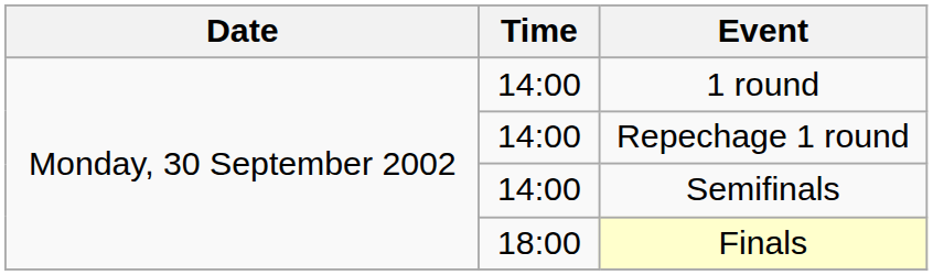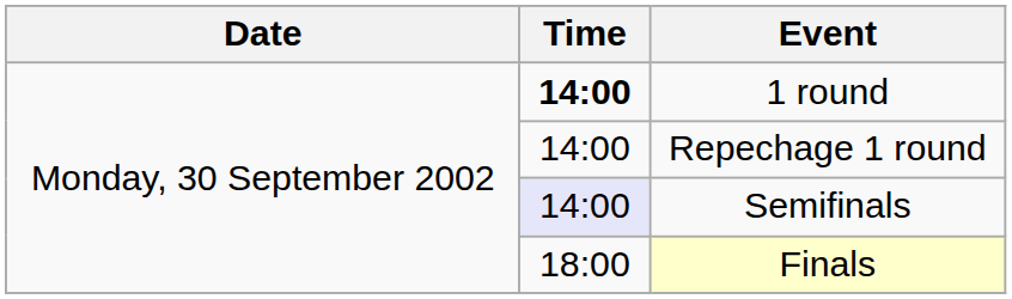 <table class = "wikitable" style="text-align:center;">
 <tr>
 <th width=220>Date</th>
 <th width=50>Time</th>
 <th width=150>Event</th>
 </tr>
 <tr>
 <td rowspan=4>Monday, 30 September 2002</td>
-<td>14:00</td>
+<td><strong>14:00</strong></td>
 <td>1 round</td>
 </tr>
 <tr>
 <td>14:00</td>
 <td>Repechage 1 round</td>
 </tr>
 <tr>
-<td>14:00</td>
+<td style="background: lavender;">14:00</td>
 <td>Semifinals</td>
 </tr>
 <tr>
 <td>18:00</td>
 <td bgcolor=ffffcc>Finals</td>
 </tr>
 </table>
